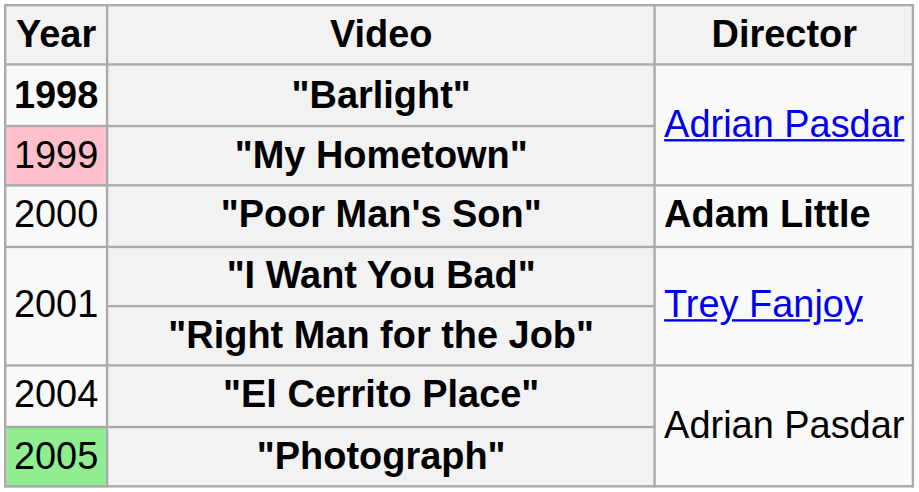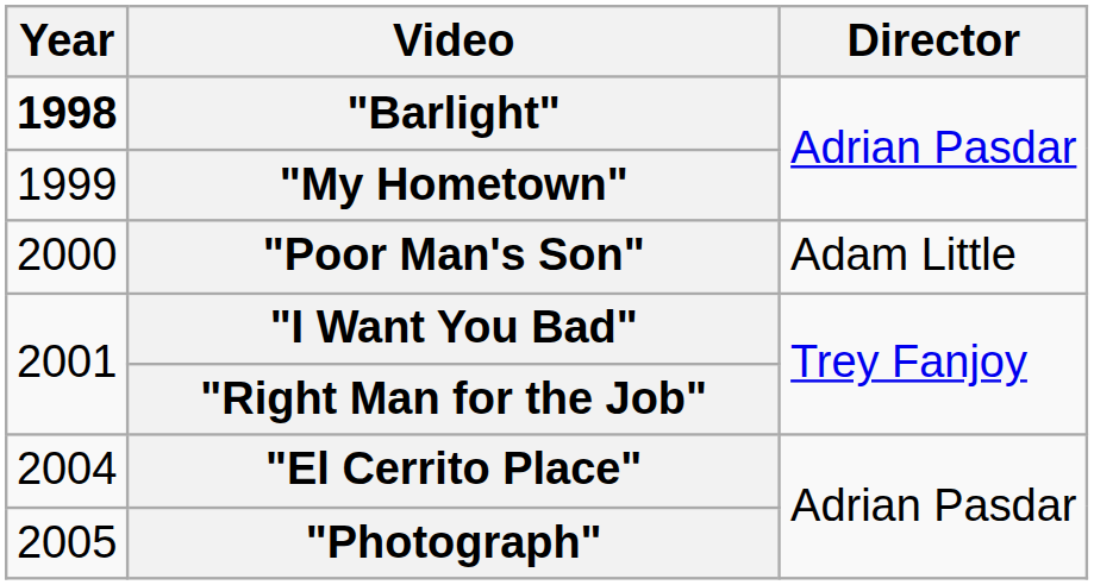 <table class="wikitable plainrowheaders">
 <tr>
 <th>Year</th>
 <th style="width:14em;">Video</th>
 <th>Director</th>
 </tr>
 <tr>
 <td><strong>1998</strong></td>
 <th scope="row">"Barlight"</th>
 <td rowspan="2"><a href='#'>Adrian Pasdar</a></td>
 </tr>
 <tr>
-<td style="background: pink;">1999</td>
+<td>1999</td>
 <th scope="row">"My Hometown"</th>
 </tr>
 <tr>
 <td>2000</td>
 <th scope="row">"Poor Man's Son"</th>
-<td><strong>Adam Little</strong></td>
+<td>Adam Little</td>
 </tr>
 <tr>
 <td rowspan="2">2001</td>
 <th scope="row">"I Want You Bad"</th>
 <td rowspan="2"><a href='#'>Trey Fanjoy</a></td>
 </tr>
 <tr>
 <th scope="row">"Right Man for the Job"</th>
 </tr>
 <tr>
 <td>2004</td>
 <th scope="row">"El Cerrito Place"</th>
 <td rowspan="2">Adrian Pasdar</td>
 </tr>
 <tr>
-<td style="background: lightgreen;">2005</td>
+<td>2005</td>
 <th scope="row">"Photograph"</th>
 </tr>
 </table>
